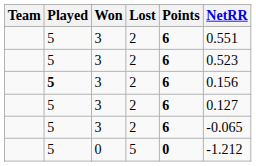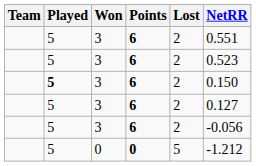 <table class="wikitable">
 <tr>
 <th>Team</th>
 <th>Played</th>
 <th>Won</th>
+<th>Points</th>
 <th>Lost</th>
-<th>Points</th>
 <th><a href='#'>NetRR</a></th>
 </tr>
 <tr>
 <td></td>
 <td>5</td>
 <td>3</td>
+<td><strong>6</strong></td>
 <td>2</td>
-<td><strong>6</strong></td>
 <td>0.551</td>
 </tr>
 <tr>
 <td></td>
 <td>5</td>
 <td>3</td>
+<td><strong>6</strong></td>
 <td>2</td>
-<td><strong>6</strong></td>
 <td>0.523</td>
 </tr>
 <tr>
 <td></td>
 <td><strong>5</strong></td>
 <td>3</td>
+<td><strong>6</strong></td>
 <td>2</td>
-<td><strong>6</strong></td>
-<td>0.156</td>
+<td>0.150</td>
 </tr>
 <tr>
 <td></td>
 <td>5</td>
 <td>3</td>
+<td><strong>6</strong></td>
 <td>2</td>
-<td><strong>6</strong></td>
 <td>0.127</td>
 </tr>
 <tr>
 <td></td>
 <td>5</td>
 <td>3</td>
+<td><strong>6</strong></td>
 <td>2</td>
-<td><strong>6</strong></td>
-<td>-0.065</td>
+<td>-0.056</td>
 </tr>
 <tr>
 <td></td>
 <td>5</td>
 <td>0</td>
+<td><strong>0</strong></td>
 <td>5</td>
-<td><strong>0</strong></td>
 <td>-1.212</td>
 </tr>
 </table>
